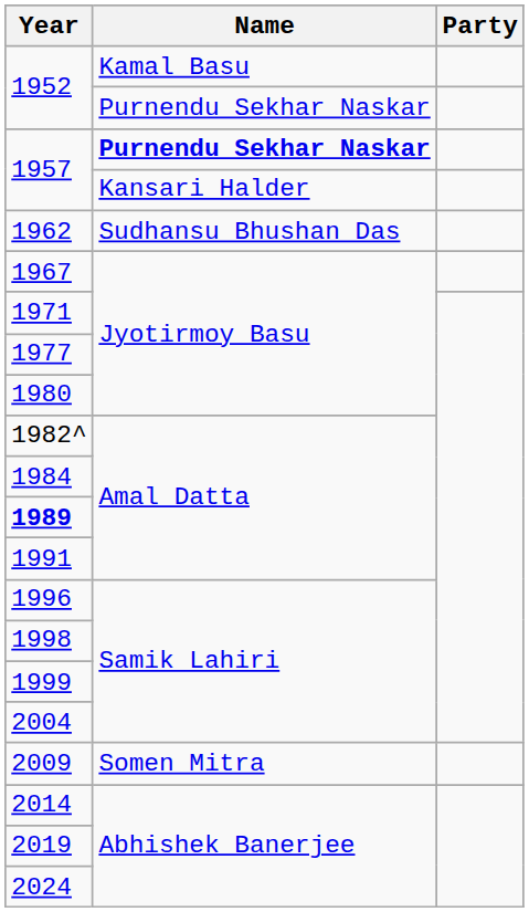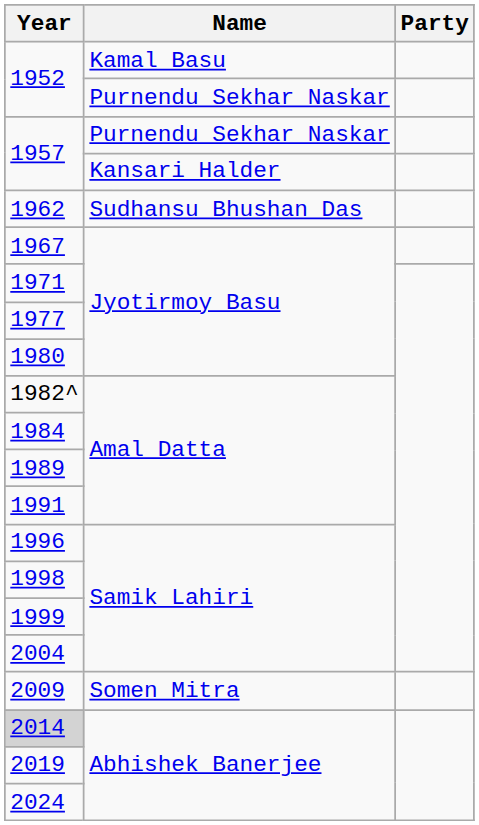 <table class="wikitable">
 <tr>
 <th>Year</th>
 <th>Name</th>
 <th Colspan=2>Party</th>
 </tr>
 <tr>
 <td rowspan="2"><a href='#'>1952</a></td>
 <td><a href='#'>Kamal Basu</a></td>
 <td></td>
 </tr>
 <tr>
 <td><a href='#'>Purnendu Sekhar Naskar</a></td>
 <td></td>
 </tr>
 <tr>
 <td rowspan="2"><a href='#'>1957</a></td>
-<td><strong><a href='#'>Purnendu Sekhar Naskar</a></strong></td>
+<td><a href='#'>Purnendu Sekhar Naskar</a></td>
 <td></td>
 </tr>
 <tr>
 <td><a href='#'>Kansari Halder</a></td>
 <td></td>
 </tr>
 <tr>
 <td><a href='#'>1962</a></td>
 <td><a href='#'>Sudhansu Bhushan Das</a></td>
 <td></td>
 </tr>
 <tr>
 <td><a href='#'>1967</a></td>
 <td rowspan="4"><a href='#'>Jyotirmoy Basu</a></td>
 <td></td>
 </tr>
 <tr>
 <td><a href='#'>1971</a></td>
 </tr>
 <tr>
 <td><a href='#'>1977</a></td>
 </tr>
 <tr>
 <td><a href='#'>1980</a></td>
 </tr>
 <tr>
 <td>1982^</td>
 <td rowspan="4"><a href='#'>Amal Datta</a></td>
 </tr>
 <tr>
 <td><a href='#'>1984</a></td>
 </tr>
 <tr>
-<td><strong><a href='#'>1989</a></strong></td>
+<td><a href='#'>1989</a></td>
 </tr>
 <tr>
 <td><a href='#'>1991</a></td>
 </tr>
 <tr>
 <td><a href='#'>1996</a></td>
 <td rowspan="4"><a href='#'>Samik Lahiri</a></td>
 </tr>
 <tr>
 <td><a href='#'>1998</a></td>
 </tr>
 <tr>
 <td><a href='#'>1999</a></td>
 </tr>
 <tr>
 <td><a href='#'>2004</a></td>
 </tr>
 <tr>
 <td><a href='#'>2009</a></td>
 <td><a href='#'>Somen Mitra</a></td>
 <td></td>
 </tr>
 <tr>
-<td><a href='#'>2014</a></td>
+<td style="background: lightgrey;"><a href='#'>2014</a></td>
 <td rowspan="3"><a href='#'>Abhishek Banerjee</a></td>
 </tr>
 <tr>
 <td><a href='#'>2019</a></td>
 </tr>
 <tr>
 <td><a href='#'>2024</a></td>
 </tr>
 </table>
